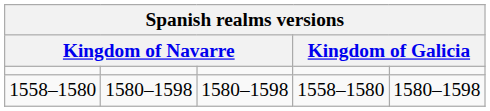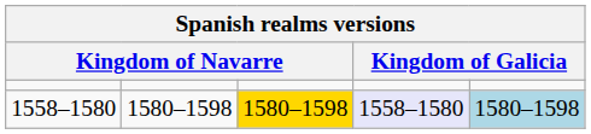 <table class="wikitable" style="margin-left: auto; margin-right: auto; border: none;">
 <tr>
 <th colspan="5">Spanish realms versions</th>
 </tr>
 <tr>
 <th colspan="3"><a href='#'>Kingdom of Navarre</a></th>
 <th colspan="2"><a href='#'>Kingdom of Galicia</a></th>
 </tr>
 <tr>
 <td align="center"></td>
 <td align="center"></td>
 <td align="center"></td>
 <td align="center"></td>
 <td align="center"></td>
 </tr>
 <tr>
 <td>1558–1580</td>
 <td>1580–1598</td>
-<td>1580–1598</td>
-<td>1558–1580</td>
-<td>1580–1598</td>
+<td style="background: gold;">1580–1598</td>
+<td style="background: lavender;">1558–1580</td>
+<td style="background: lightblue;">1580–1598</td>
 </tr>
 </table>
